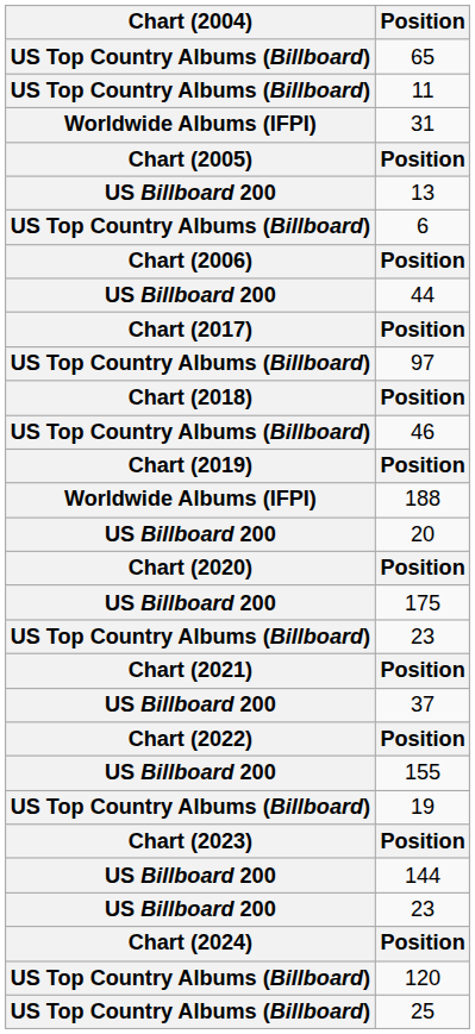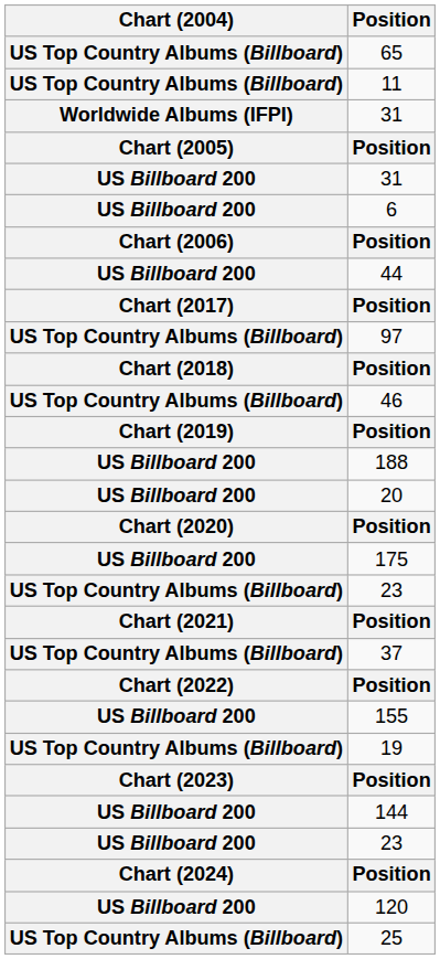 <table class="wikitable plainrowheaders" style="text-align:center">
 <tr>
 <th scope="col">Chart (2004)</th>
 <th scope="col">Position</th>
 </tr>
 <tr>
 <th scope="row">US Top Country Albums (<em>Billboard</em>)</th>
 <td>65</td>
 </tr>
 <tr>
 <th scope="row">US Top Country Albums (<em>Billboard</em>)</th>
 <td>11</td>
 </tr>
 <tr>
 <th scope="row">Worldwide Albums (IFPI)</th>
 <td>31</td>
 </tr>
 <tr>
 <th scope="col">Chart (2005)</th>
 <th scope="col">Position</th>
 </tr>
 <tr>
 <th scope="row">US <em>Billboard</em> 200</th>
-<td>13</td>
+<td>31</td>
 </tr>
 <tr>
-<th scope="row">US Top Country Albums (<em>Billboard</em>)</th>
+<th scope="row">US <em>Billboard</em> 200</th>
 <td>6</td>
 </tr>
 <tr>
 <th scope="col">Chart (2006)</th>
 <th scope="col">Position</th>
 </tr>
 <tr>
 <th scope="row">US <em>Billboard</em> 200</th>
 <td>44</td>
 </tr>
 <tr>
 <th scope="col">Chart (2017)</th>
 <th scope="col">Position</th>
 </tr>
 <tr>
 <th scope="row">US Top Country Albums (<em>Billboard</em>)</th>
 <td>97</td>
 </tr>
 <tr>
 <th scope="col">Chart (2018)</th>
 <th scope="col">Position</th>
 </tr>
 <tr>
 <th scope="row">US Top Country Albums (<em>Billboard</em>)</th>
 <td>46</td>
 </tr>
 <tr>
 <th scope="col">Chart (2019)</th>
 <th scope="col">Position</th>
 </tr>
 <tr>
-<th scope="row">Worldwide Albums (IFPI)</th>
+<th scope="row">US <em>Billboard</em> 200</th>
 <td>188</td>
 </tr>
 <tr>
 <th scope="row">US <em>Billboard</em> 200</th>
 <td>20</td>
 </tr>
 <tr>
 <th scope="col">Chart (2020)</th>
 <th scope="col">Position</th>
 </tr>
 <tr>
 <th scope="row">US <em>Billboard</em> 200</th>
 <td>175</td>
 </tr>
 <tr>
 <th scope="row">US Top Country Albums (<em>Billboard</em>)</th>
 <td>23</td>
 </tr>
 <tr>
 <th scope="col">Chart (2021)</th>
 <th scope="col">Position</th>
 </tr>
 <tr>
-<th scope="row">US <em>Billboard</em> 200</th>
+<th scope="row">US Top Country Albums (<em>Billboard</em>)</th>
 <td>37</td>
 </tr>
 <tr>
 <th scope="col">Chart (2022)</th>
 <th scope="col">Position</th>
 </tr>
 <tr>
 <th scope="row">US <em>Billboard</em> 200</th>
 <td>155</td>
 </tr>
 <tr>
 <th scope="row">US Top Country Albums (<em>Billboard</em>)</th>
 <td>19</td>
 </tr>
 <tr>
 <th scope="col">Chart (2023)</th>
 <th scope="col">Position</th>
 </tr>
 <tr>
 <th scope="row">US <em>Billboard</em> 200</th>
 <td>144</td>
 </tr>
 <tr>
 <th scope="row">US <em>Billboard</em> 200</th>
 <td>23</td>
 </tr>
 <tr>
 <th scope="col">Chart (2024)</th>
 <th scope="col">Position</th>
 </tr>
 <tr>
-<th scope="row">US Top Country Albums (<em>Billboard</em>)</th>
+<th scope="row">US <em>Billboard</em> 200</th>
 <td>120</td>
 </tr>
 <tr>
 <th scope="row">US Top Country Albums (<em>Billboard</em>)</th>
 <td>25</td>
 </tr>
 </table>
